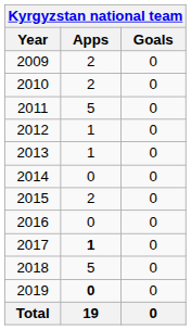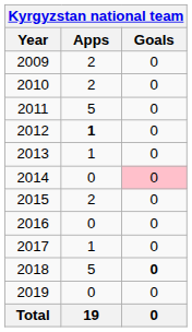 <table class="wikitable" style="text-align:center">
 <tr>
 <th colspan=3><a href='#'>Kyrgyzstan national team</a></th>
 </tr>
 <tr>
 <th>Year</th>
 <th>Apps</th>
 <th>Goals</th>
 </tr>
 <tr>
 <td>2009</td>
 <td>2</td>
 <td>0</td>
 </tr>
 <tr>
 <td>2010</td>
 <td>2</td>
 <td>0</td>
 </tr>
 <tr>
 <td>2011</td>
 <td>5</td>
 <td>0</td>
 </tr>
 <tr>
 <td>2012</td>
-<td>1</td>
+<td><strong>1</strong></td>
 <td>0</td>
 </tr>
 <tr>
 <td>2013</td>
 <td>1</td>
 <td>0</td>
 </tr>
 <tr>
 <td>2014</td>
 <td>0</td>
-<td>0</td>
+<td style="background: pink;">0</td>
 </tr>
 <tr>
 <td>2015</td>
 <td>2</td>
 <td>0</td>
 </tr>
 <tr>
 <td>2016</td>
 <td>0</td>
 <td>0</td>
 </tr>
 <tr>
 <td>2017</td>
-<td><strong>1</strong></td>
+<td>1</td>
 <td>0</td>
 </tr>
 <tr>
 <td>2018</td>
 <td>5</td>
-<td>0</td>
+<td><strong>0</strong></td>
 </tr>
 <tr>
 <td>2019</td>
-<td><strong>0</strong></td>
+<td>0</td>
 <td>0</td>
 </tr>
 <tr>
 <th>Total</th>
 <th>19</th>
 <th>0</th>
 </tr>
 </table>
